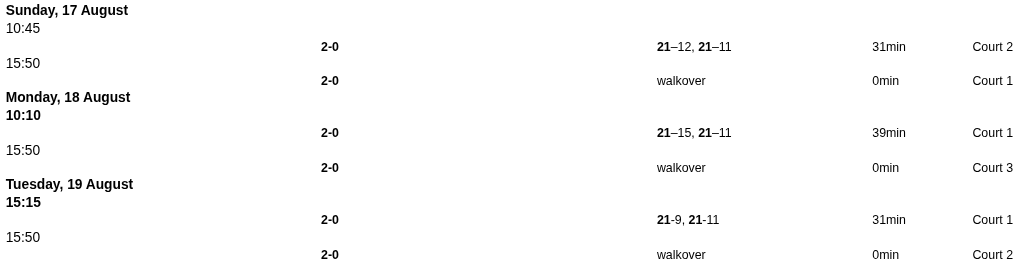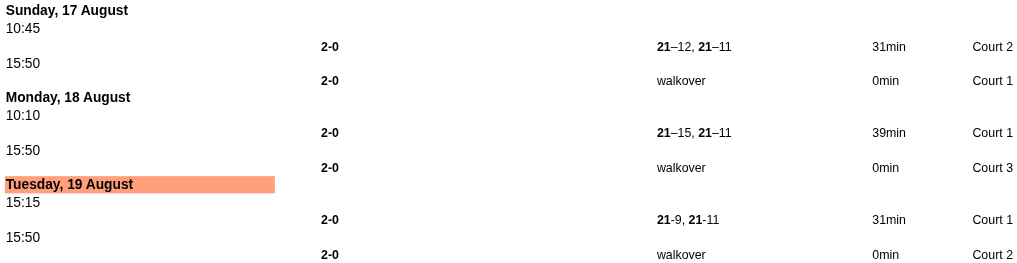 <table style="width:100%;" cellspacing="1">
 <tr>
 <th width=25%></th>
 <th width=10%></th>
 <th width=25%></th>
 </tr>
 <tr>
 <td><strong>Sunday, 17 August</strong></td>
 </tr>
 <tr>
 <td>10:45</td>
 </tr>
 <tr style=font-size:90%>
 <td align=right><strong></strong></td>
 <td align=center><strong> 2-0 </strong></td>
 <td></td>
 <td><strong>21</strong>–12, <strong>21</strong>–11</td>
 <td>31min</td>
 <td>Court 2</td>
 </tr>
 <tr>
 <td>15:50</td>
 </tr>
 <tr style=font-size:90%>
 <td align=right><strong></strong></td>
 <td align=center><strong> 2-0 </strong></td>
 <td></td>
 <td>walkover</td>
 <td>0min</td>
 <td>Court 1</td>
 </tr>
 <tr>
 <td><strong>Monday, 18 August</strong></td>
 </tr>
 <tr>
-<td><strong>10:10</strong></td>
+<td>10:10</td>
 </tr>
 <tr style=font-size:90%>
 <td align=right><strong></strong></td>
 <td align=center><strong> 2-0 </strong></td>
 <td></td>
 <td><strong>21</strong>–15, <strong>21</strong>–11</td>
 <td>39min</td>
 <td>Court 1</td>
 </tr>
 <tr>
 <td>15:50</td>
 </tr>
 <tr style=font-size:90%>
 <td align=right><strong></strong></td>
 <td align=center><strong> 2-0 </strong></td>
 <td></td>
 <td>walkover</td>
 <td>0min</td>
 <td>Court 3</td>
 </tr>
 <tr>
-<td><strong>Tuesday, 19 August</strong></td>
+<td style="background: lightsalmon;"><strong>Tuesday, 19 August</strong></td>
 </tr>
 <tr>
-<td><strong>15:15</strong></td>
+<td>15:15</td>
 </tr>
 <tr style=font-size:90%>
 <td align=right><strong></strong></td>
 <td align=center><strong> 2-0 </strong></td>
 <td></td>
 <td><strong>21</strong>-9, <strong>21</strong>-11</td>
 <td>31min</td>
 <td>Court 1</td>
 </tr>
 <tr>
 <td>15:50</td>
 </tr>
 <tr style=font-size:90%>
 <td align=right><strong></strong></td>
 <td align=center><strong> 2-0 </strong></td>
 <td></td>
 <td>walkover</td>
 <td>0min</td>
 <td>Court 2</td>
 </tr>
 </table>
